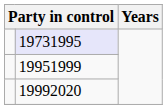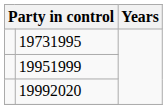 <table class="wikitable">
 <tr>
 <th colspan="2">Party in control</th>
 <th>Years</th>
 </tr>
 <tr>
 <td></td>
-<td style="background: lavender;">19731995</td>
+<td>19731995</td>
 </tr>
 <tr>
 <td></td>
 <td>19951999</td>
 </tr>
 <tr>
 <td></td>
 <td>19992020</td>
 </tr>
 <tr>
 </tr>
 </table>
